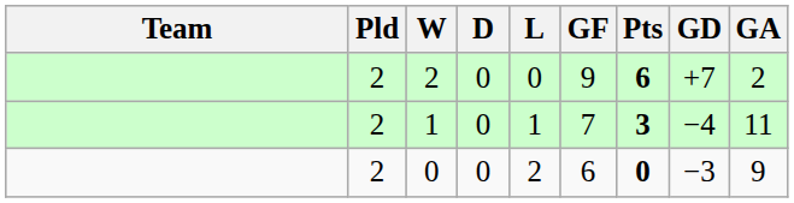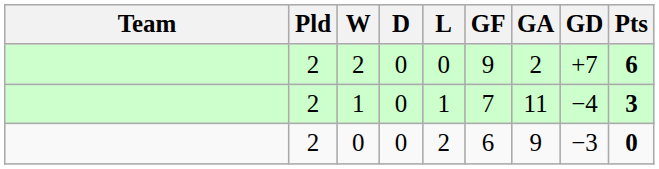 <table class="wikitable" style="text-align: center;">
 <tr>
 <th width="175">Team</th>
 <th width="20">Pld</th>
 <th width="20">W</th>
 <th width="20">D</th>
 <th width="20">L</th>
 <th width="20">GF</th>
+<th width="20">GA</th>
+<th width="20">GD</th>
 <th width="20">Pts</th>
-<th width="20">GD</th>
-<th width="20">GA</th>
 </tr>
 <tr bgcolor="#ccffcc">
 <td align="left"></td>
 <td>2</td>
 <td>2</td>
 <td>0</td>
 <td>0</td>
 <td>9</td>
+<td>2</td>
+<td>+7</td>
 <td><strong>6</strong></td>
-<td>+7</td>
-<td>2</td>
 </tr>
 <tr bgcolor="#ccffcc">
 <td align="left"></td>
 <td>2</td>
 <td>1</td>
 <td>0</td>
 <td>1</td>
 <td>7</td>
+<td>11</td>
+<td>−4</td>
 <td><strong>3</strong></td>
-<td>−4</td>
-<td>11</td>
 </tr>
 <tr>
 <td align="left"></td>
 <td>2</td>
 <td>0</td>
 <td>0</td>
 <td>2</td>
 <td>6</td>
+<td>9</td>
+<td>−3</td>
 <td><strong>0</strong></td>
-<td>−3</td>
-<td>9</td>
 </tr>
 </table>
